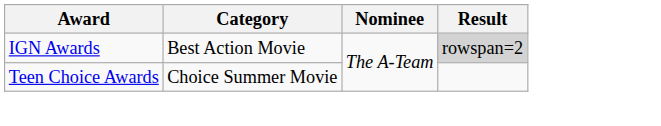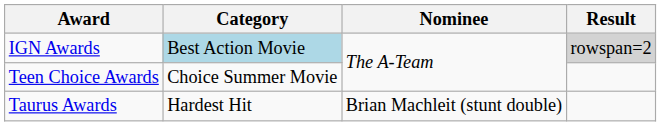 <table class="wikitable">
 <tr>
 <th>Award</th>
 <th>Category</th>
 <th>Nominee</th>
 <th>Result</th>
 </tr>
 <tr>
 <td><a href='#'>IGN Awards</a></td>
-<td>Best Action Movie</td>
+<td style="background: lightblue;">Best Action Movie</td>
 <td rowspan=2><em>The A-Team</em></td>
 <td style="background: lightgrey;">rowspan=2 </td>
 </tr>
 <tr>
 <td><a href='#'>Teen Choice Awards</a></td>
 <td>Choice Summer Movie</td>
 </tr>
+<tr>
+<td><a href='#'>Taurus Awards</a></td>
+<td>Hardest Hit</td>
+<td>Brian Machleit (stunt double)</td>
+<td></td>
+</tr>
 </table>
